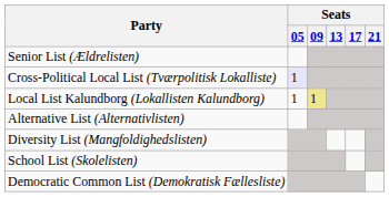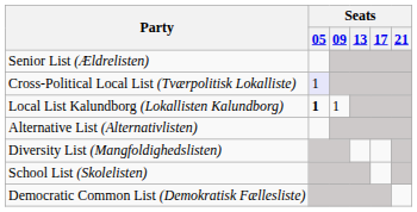 <table class="wikitable">
 <tr>
 <th rowspan=2>Party</th>
 <th colspan=11>Seats</th>
 </tr>
 <tr>
 <th><a href='#'>05</a></th>
 <th><a href='#'>09</a></th>
 <th><a href='#'>13</a></th>
 <th><a href='#'>17</a></th>
 <th><a href='#'>21</a></th>
 </tr>
 <tr>
 <td>Senior List <em>(Ældrelisten)</em></td>
 <td></td>
 <td style="background:#CDC9C9;" colspan=4></td>
 </tr>
 <tr>
 <td>Cross-Political Local List <em>(Tværpolitisk Lokalliste)</em></td>
 <td style="background: lavender;">1</td>
 <td style="background:#CDC9C9;" colspan=4></td>
 </tr>
 <tr>
 <td>Local List Kalundborg <em>(Lokallisten Kalundborg)</em></td>
+<td><strong>1</strong></td>
 <td>1</td>
-<td style="background: khaki;">1</td>
 <td style="background:#CDC9C9;" colspan=3></td>
 </tr>
 <tr>
 <td>Alternative List <em>(Alternativlisten)</em></td>
 <td></td>
 <td style="background:#CDC9C9;" colspan=4></td>
 </tr>
 <tr>
 <td>Diversity List <em>(Mangfoldighedslisten)</em></td>
 <td style="background:#CDC9C9;" colspan=2></td>
 <td></td>
 <td></td>
 <td style="background:#CDC9C9;"></td>
 </tr>
 <tr>
 <td>School List <em>(Skolelisten)</em></td>
 <td style="background:#CDC9C9;" colspan=3></td>
 <td></td>
 <td style="background:#CDC9C9;"></td>
 </tr>
 <tr>
 <td>Democratic Common List <em>(Demokratisk Fællesliste)</em></td>
 <td style="background:#CDC9C9;" colspan=4></td>
 <td></td>
 </tr>
 </table>
